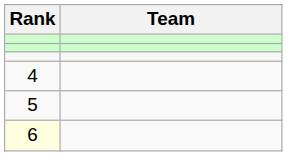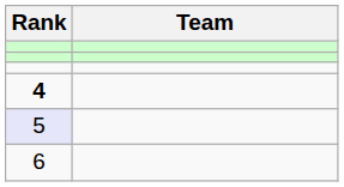 <table class="wikitable" style="text-align: center;">
 <tr>
 <th width=40>Rank</th>
 <th width=180>Team</th>
 </tr>
 <tr align=center bgcolor=ccffcc>
 <td></td>
 <td style="text-align:left;"></td>
 </tr>
 <tr align=center bgcolor=ccffcc>
 <td></td>
 <td style="text-align:left;"></td>
 </tr>
 <tr align=center>
 <td></td>
 <td style="text-align:left;"></td>
 </tr>
 <tr align=center>
-<td>4</td>
+<td><strong>4</strong></td>
 <td style="text-align:left;"></td>
 </tr>
 <tr align=center>
-<td>5</td>
+<td style="background: lavender;">5</td>
 <td style="text-align:left;"></td>
 </tr>
 <tr align=center>
-<td style="background: lightyellow;">6</td>
+<td>6</td>
 <td style="text-align:left;"></td>
 </tr>
 </table>
